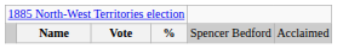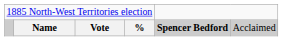 <table class="wikitable">
 <tr>
 <td colspan=4 align=center><a href='#'>1885 North-West Territories election</a></td>
 </tr>
 <tr bgcolor="CCCCCC">
 <td></td>
 <th><strong>Name </strong></th>
 <th><strong>Vote</strong></th>
 <th><strong>%</strong><br></th>
-<td>Spencer Bedford</td>
+<td><strong>Spencer Bedford</strong></td>
 <td colspan="2" align=center>Acclaimed</td>
 </tr>
 </table>
